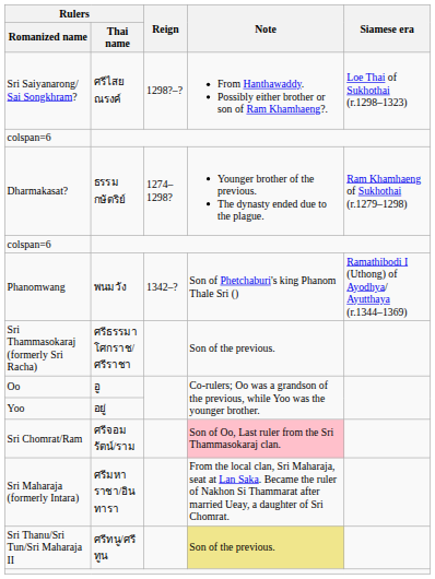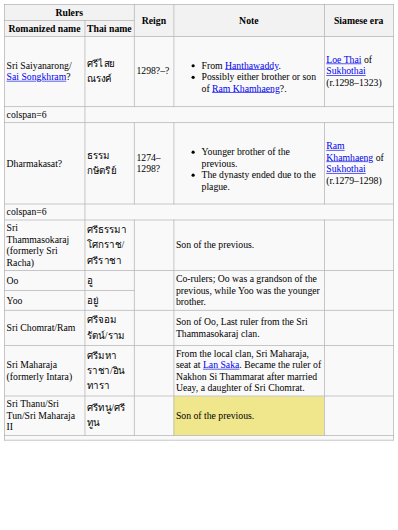 <table class="wikitable" style="font-size:95%;">
 <tr>
 <th colspan=2>Rulers</th>
 <th rowspan=2>Reign</th>
 <th rowspan=2>Note</th>
 <th rowspan=2>Siamese era</th>
 </tr>
 <tr>
 <th>Romanized name</th>
 <th>Thai name</th>
 </tr>
 <tr>
 <td>Sri Saiyanarong/<br><a href='#'>Sai Songkhram</a>?</td>
 <td>ศรีไสยณรงค์</td>
 <td>1298?–?</td>
 <td><br><ul><li>From <a href='#'>Hanthawaddy</a>.</li><li>Possibly either brother or son of <a href='#'>Ram Khamhaeng</a>?.</li></ul></td>
 <td><a href='#'>Loe Thai</a> of <a href='#'>Sukhothai</a> (r.1298–1323)</td>
 </tr>
 <tr>
 <td>colspan=6 </td>
 </tr>
 <tr>
 <td>Dharmakasat?</td>
 <td>ธรรมกษัตริย์</td>
 <td>1274–1298?</td>
 <td><br><ul><li>Younger brother of the previous.</li><li>The dynasty ended due to the plague.</li></ul></td>
 <td><a href='#'>Ram Khamhaeng</a> of <a href='#'>Sukhothai</a> (r.1279–1298)</td>
 </tr>
 <tr>
 <td>colspan=6 </td>
 </tr>
 <tr>
-<td>Phanomwang</td>
-<td>พนมวัง</td>
-<td>1342–?</td>
-<td>Son of <a href='#'>Phetchaburi</a>'s king Phanom Thale Sri ()</td>
-<td><a href='#'>Ramathibodi I</a> (Uthong) of <a href='#'>Ayodhya</a>/<a href='#'> Ayutthaya</a> (r.1344–1369)</td>
-</tr>
-<tr>
 <td>Sri Thammasokaraj (formerly Sri Racha)</td>
 <td>ศรีธรรมาโศกราช/ศรีราชา</td>
 <td></td>
 <td>Son of the previous.</td>
 <td></td>
 </tr>
 <tr>
 <td>Oo</td>
 <td>อู</td>
 <td rowspan=2></td>
 <td rowspan=2>Co-rulers; Oo was a grandson of the previous, while Yoo was the younger brother.</td>
 <td rowspan=2></td>
 </tr>
 <tr>
 <td>Yoo</td>
 <td>อยู่</td>
 </tr>
 <tr>
 <td>Sri Chomrat/Ram</td>
 <td>ศรีจอมรัตน์/ราม</td>
 <td></td>
-<td style="background: pink;">Son of Oo, Last ruler from the Sri Thammasokaraj clan.</td>
+<td>Son of Oo, Last ruler from the Sri Thammasokaraj clan.</td>
 <td></td>
 </tr>
 <tr>
 <td>Sri Maharaja (formerly Intara)</td>
 <td>ศรีมหาราชา/อินทารา</td>
 <td></td>
 <td>From the local clan, Sri Maharaja, seat at <a href='#'>Lan Saka</a>. Became the ruler of Nakhon Si Thammarat after married Ueay, a daughter of Sri Chomrat.</td>
 </tr>
 <tr>
 <td>Sri Thanu/Sri Tun/Sri Maharaja II</td>
 <td>ศรีทนู/ศรีทูน</td>
 <td></td>
 <td style="background: khaki;">Son of the previous.</td>
 <td></td>
 </tr>
 <tr>
 <td colspan=5></td>
 </tr>
 </table>
